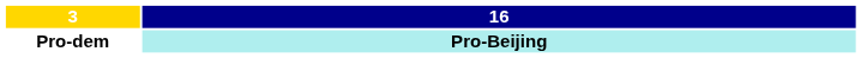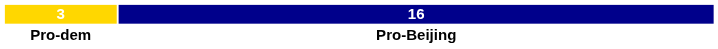 <table style="width:60%; text-align:center;">
 <tr style="color:white;">
 <td style="background:gold; width:15.79%;"><strong>3</strong></td>
 <td style="background:darkblue; width:84.21%;"><strong>16</strong></td>
 </tr>
 <tr>
 <td><span><strong>Pro-dem</strong></span></td>
-<td style="background: paleturquoise;"><span><strong>Pro-Beijing</strong></span></td>
+<td><span><strong>Pro-Beijing</strong></span></td>
 </tr>
 </table>
